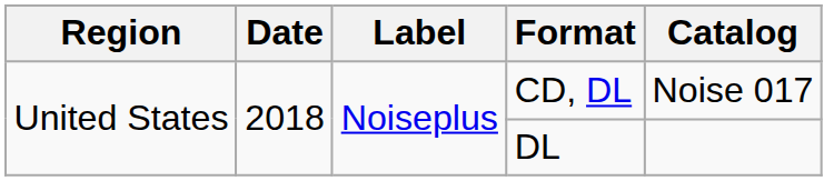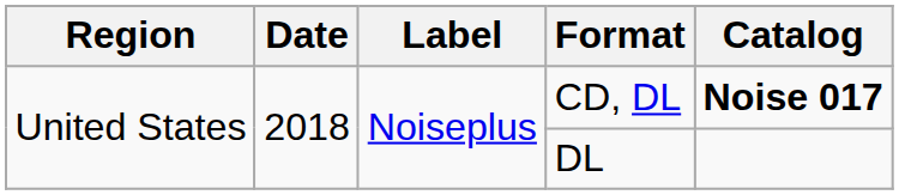 <table class="wikitable">
 <tr>
 <th>Region</th>
 <th>Date</th>
 <th>Label</th>
 <th>Format</th>
 <th>Catalog</th>
 </tr>
 <tr>
 <td rowspan="2">United States</td>
 <td rowspan="2">2018</td>
 <td rowspan="2"><a href='#'>Noiseplus</a></td>
 <td>CD, <a href='#'>DL</a></td>
-<td>Noise 017</td>
+<td><strong>Noise 017</strong></td>
 </tr>
 <tr>
 <td>DL</td>
 <td></td>
 </tr>
 </table>
